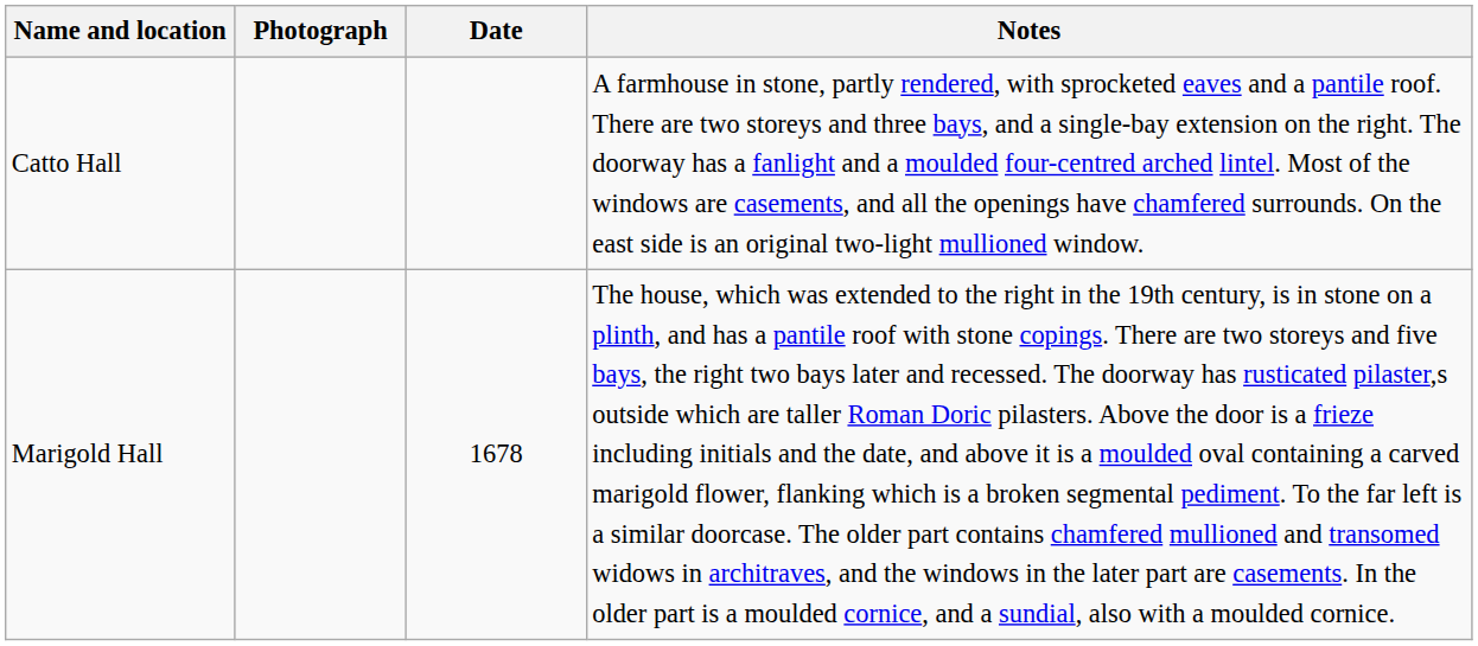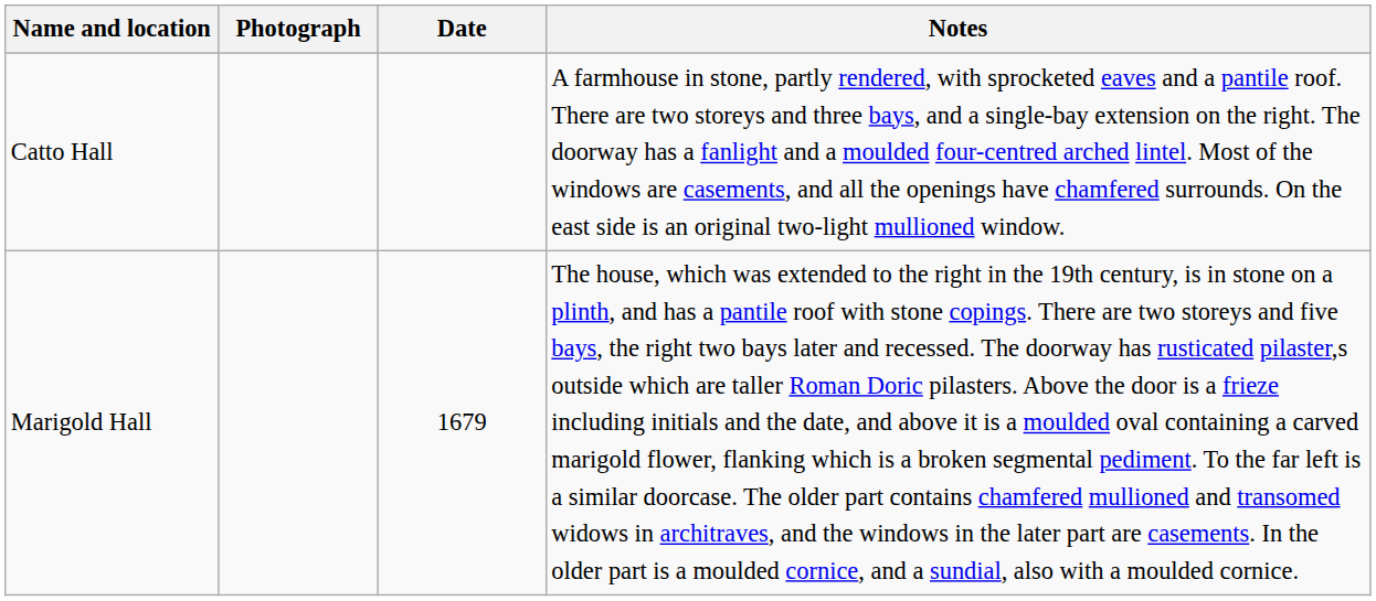 <table class="wikitable sortable plainrowheaders" style="width:100%;border:0px;text-align:left;line-height:150%;">
 <tr>
 <th scope="col"  style="width:150px">Name and location</th>
 <th scope="col"  style="width:100px" class="unsortable">Photograph</th>
 <th scope="col"  style="width:120px">Date</th>
 <th scope="col"  style="width:650px" class="unsortable">Notes</th>
 </tr>
 <tr>
 <td>Catto Hall<br><small></small></td>
 <td></td>
 <td align="center"></td>
 <td>A farmhouse in stone, partly <a href='#'>rendered</a>, with sprocketed <a href='#'>eaves</a> and a <a href='#'>pantile</a> roof. There are two storeys and three <a href='#'>bays</a>, and a single-bay extension on the right. The doorway has a <a href='#'>fanlight</a> and a <a href='#'>moulded</a> <a href='#'>four-centred arched</a> <a href='#'>lintel</a>. Most of the windows are <a href='#'>casements</a>, and all the openings have <a href='#'>chamfered</a> surrounds. On the east side is an original two-light <a href='#'>mullioned</a> window.</td>
 </tr>
 <tr>
 <td>Marigold Hall<br><small></small></td>
 <td></td>
-<td align="center">1678</td>
+<td align="center">1679</td>
 <td>The house, which was extended to the right in the 19th century, is in stone on a <a href='#'>plinth</a>, and has a <a href='#'>pantile</a> roof with stone <a href='#'>copings</a>. There are two storeys and five <a href='#'>bays</a>, the right two bays later and recessed. The doorway has <a href='#'>rusticated</a> <a href='#'>pilaster</a>,s outside which are taller <a href='#'>Roman Doric</a> pilasters. Above the door is a <a href='#'>frieze</a> including initials and the date, and above it is a <a href='#'>moulded</a> oval containing a carved marigold flower, flanking which is a broken segmental <a href='#'>pediment</a>. To the far left is a similar doorcase. The older part contains <a href='#'>chamfered</a> <a href='#'>mullioned</a> and <a href='#'>transomed</a> widows in <a href='#'>architraves</a>, and the windows in the later part are <a href='#'>casements</a>. In the older part is a moulded <a href='#'>cornice</a>, and a <a href='#'>sundial</a>, also with a moulded cornice.</td>
 </tr>
 <tr>
 </tr>
 </table>
